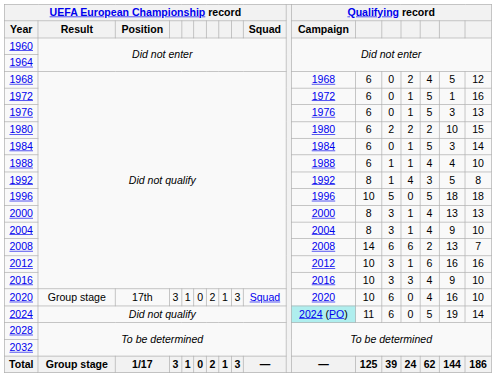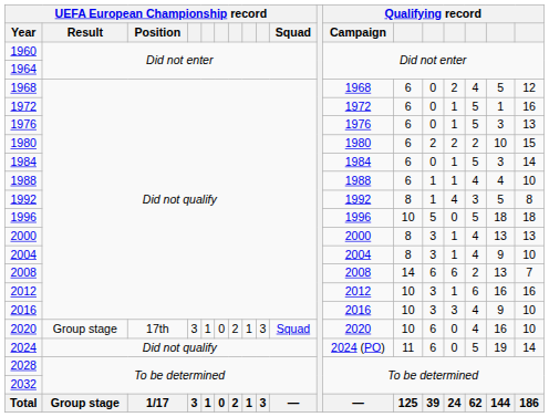 <table class="wikitable" style="text-align: center;">
 <tr>
 <th colspan=10><a href='#'>UEFA European Championship</a> record</th>
 <th width=1% rowspan=22></th>
 <th colspan=7><a href='#'>Qualifying</a> record</th>
 </tr>
 <tr>
 <th>Year</th>
 <th>Result</th>
 <th>Position</th>
 <th></th>
 <th></th>
 <th></th>
 <th></th>
 <th></th>
 <th></th>
 <th>Squad</th>
 <th>Campaign</th>
 <th></th>
 <th></th>
 <th></th>
 <th></th>
 <th></th>
 <th></th>
 </tr>
 <tr>
 <td> <a href='#'>1960</a></td>
 <td colspan=9 rowspan=2><em>Did not enter</em></td>
 <td colspan=7 rowspan=2><em>Did not enter</em></td>
 </tr>
 <tr>
 <td> <a href='#'>1964</a></td>
 </tr>
 <tr>
 <td> <a href='#'>1968</a></td>
 <td colspan=9 rowspan=13><em>Did not qualify</em></td>
 <td><a href='#'>1968</a></td>
 <td>6</td>
 <td>0</td>
 <td>2</td>
 <td>4</td>
 <td>5</td>
 <td>12</td>
 </tr>
 <tr>
 <td> <a href='#'>1972</a></td>
 <td><a href='#'>1972</a></td>
 <td>6</td>
 <td>0</td>
 <td>1</td>
 <td>5</td>
 <td>1</td>
 <td>16</td>
 </tr>
 <tr>
 <td> <a href='#'>1976</a></td>
 <td><a href='#'>1976</a></td>
 <td>6</td>
 <td>0</td>
 <td>1</td>
 <td>5</td>
 <td>3</td>
 <td>13</td>
 </tr>
 <tr>
 <td> <a href='#'>1980</a></td>
 <td><a href='#'>1980</a></td>
 <td>6</td>
 <td>2</td>
 <td>2</td>
 <td>2</td>
 <td>10</td>
 <td>15</td>
 </tr>
 <tr>
 <td> <a href='#'>1984</a></td>
 <td><a href='#'>1984</a></td>
 <td>6</td>
 <td>0</td>
 <td>1</td>
 <td>5</td>
 <td>3</td>
 <td>14</td>
 </tr>
 <tr>
 <td> <a href='#'>1988</a></td>
 <td><a href='#'>1988</a></td>
 <td>6</td>
 <td>1</td>
 <td>1</td>
 <td>4</td>
 <td>4</td>
 <td>10</td>
 </tr>
 <tr>
 <td> <a href='#'>1992</a></td>
 <td><a href='#'>1992</a></td>
 <td>8</td>
 <td>1</td>
 <td>4</td>
 <td>3</td>
 <td>5</td>
 <td>8</td>
 </tr>
 <tr>
 <td> <a href='#'>1996</a></td>
 <td><a href='#'>1996</a></td>
 <td>10</td>
 <td>5</td>
 <td>0</td>
 <td>5</td>
 <td>18</td>
 <td>18</td>
 </tr>
 <tr>
 <td>  <a href='#'>2000</a></td>
 <td><a href='#'>2000</a></td>
 <td>8</td>
 <td>3</td>
 <td>1</td>
 <td>4</td>
 <td>13</td>
 <td>13</td>
 </tr>
 <tr>
 <td> <a href='#'>2004</a></td>
 <td><a href='#'>2004</a></td>
 <td>8</td>
 <td>3</td>
 <td>1</td>
 <td>4</td>
 <td>9</td>
 <td>10</td>
 </tr>
 <tr>
 <td>  <a href='#'>2008</a></td>
 <td><a href='#'>2008</a></td>
 <td>14</td>
 <td>6</td>
 <td>6</td>
 <td>2</td>
 <td>13</td>
 <td>7</td>
 </tr>
 <tr>
 <td>  <a href='#'>2012</a></td>
 <td><a href='#'>2012</a></td>
 <td>10</td>
 <td>3</td>
 <td>1</td>
 <td>6</td>
 <td>16</td>
 <td>16</td>
 </tr>
 <tr>
 <td> <a href='#'>2016</a></td>
 <td><a href='#'>2016</a></td>
 <td>10</td>
 <td>3</td>
 <td>3</td>
 <td>4</td>
 <td>9</td>
 <td>10</td>
 </tr>
 <tr>
 <td> <a href='#'>2020</a></td>
 <td>Group stage</td>
 <td>17th</td>
 <td>3</td>
 <td>1</td>
 <td>0</td>
 <td>2</td>
 <td>1</td>
 <td>3</td>
 <td><a href='#'>Squad</a></td>
 <td><a href='#'>2020</a></td>
 <td>10</td>
 <td>6</td>
 <td>0</td>
 <td>4</td>
 <td>16</td>
 <td>10</td>
 </tr>
 <tr>
 <td> <a href='#'>2024</a></td>
 <td colspan=9><em>Did not qualify</em></td>
-<td style="background: paleturquoise;"><a href='#'>2024</a> (<a href='#'>PO</a>)</td>
+<td><a href='#'>2024</a> (<a href='#'>PO</a>)</td>
 <td>11</td>
 <td>6</td>
 <td>0</td>
 <td>5</td>
 <td>19</td>
 <td>14</td>
 </tr>
 <tr>
 <td>  <a href='#'>2028</a></td>
 <td colspan=9 rowspan=2><em>To be determined</em></td>
 <td colspan=7 rowspan=2><em>To be determined</em></td>
 </tr>
 <tr>
 <td>  <a href='#'>2032</a></td>
 </tr>
 <tr>
 <th>Total</th>
 <th>Group stage</th>
 <th>1/17</th>
 <th>3</th>
 <th>1</th>
 <th>0</th>
 <th>2</th>
 <th>1</th>
 <th>3</th>
 <th>—</th>
 <th>—</th>
 <th>125</th>
 <th>39</th>
 <th>24</th>
 <th>62</th>
 <th>144</th>
 <th>186</th>
 </tr>
 </table>
